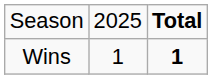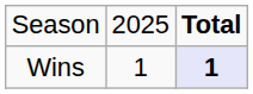 <table class=wikitable>
 <tr>
 <td>Season</td>
 <td>2025</td>
 <td><strong>Total</strong></td>
 </tr>
 <tr align=center>
 <td>Wins</td>
 <td>1</td>
-<td><strong>1</strong></td>
+<td style="background: lavender;"><strong>1</strong></td>
 </tr>
 </table>
